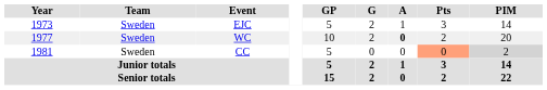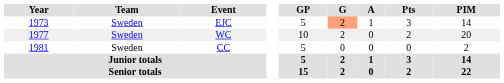 <table border="0" cellpadding="1" cellspacing="0" style="text-align:center; width:50em">
 <tr ALIGN="center" bgcolor="#e0e0e0">
 <th>Year</th>
 <th>Team</th>
 <th>Event</th>
 <th rowspan="99" bgcolor="#ffffff"> </th>
 <th>GP</th>
 <th>G</th>
 <th>A</th>
 <th>Pts</th>
 <th>PIM</th>
 </tr>
 <tr>
 <td><a href='#'>1973</a></td>
 <td><a href='#'>Sweden</a></td>
 <td><a href='#'>EJC</a></td>
 <td>5</td>
-<td>2</td>
+<td style="background: lightsalmon;">2</td>
 <td>1</td>
 <td>3</td>
 <td>14</td>
 </tr>
 <tr bgcolor="#f0f0f0">
 <td><a href='#'>1977</a></td>
 <td><a href='#'>Sweden</a></td>
 <td><a href='#'>WC</a></td>
 <td>10</td>
 <td>2</td>
-<td><strong>0</strong></td>
+<td>0</td>
 <td>2</td>
 <td>20</td>
 </tr>
 <tr>
 <td><a href='#'>1981</a></td>
 <td>Sweden</td>
 <td><a href='#'>CC</a></td>
 <td>5</td>
 <td>0</td>
 <td>0</td>
-<td style="background: lightsalmon;">0</td>
-<td style="background: lightgrey;">2</td>
+<td>0</td>
+<td>2</td>
 </tr>
 <tr bgcolor="#e0e0e0">
 <th colspan=3>Junior totals</th>
 <th>5</th>
 <th>2</th>
 <th>1</th>
 <th>3</th>
 <th>14</th>
 </tr>
 <tr bgcolor="#e0e0e0">
 <th colspan=3>Senior totals</th>
 <th>15</th>
 <th>2</th>
 <th>0</th>
 <th>2</th>
 <th>22</th>
 </tr>
 </table>
